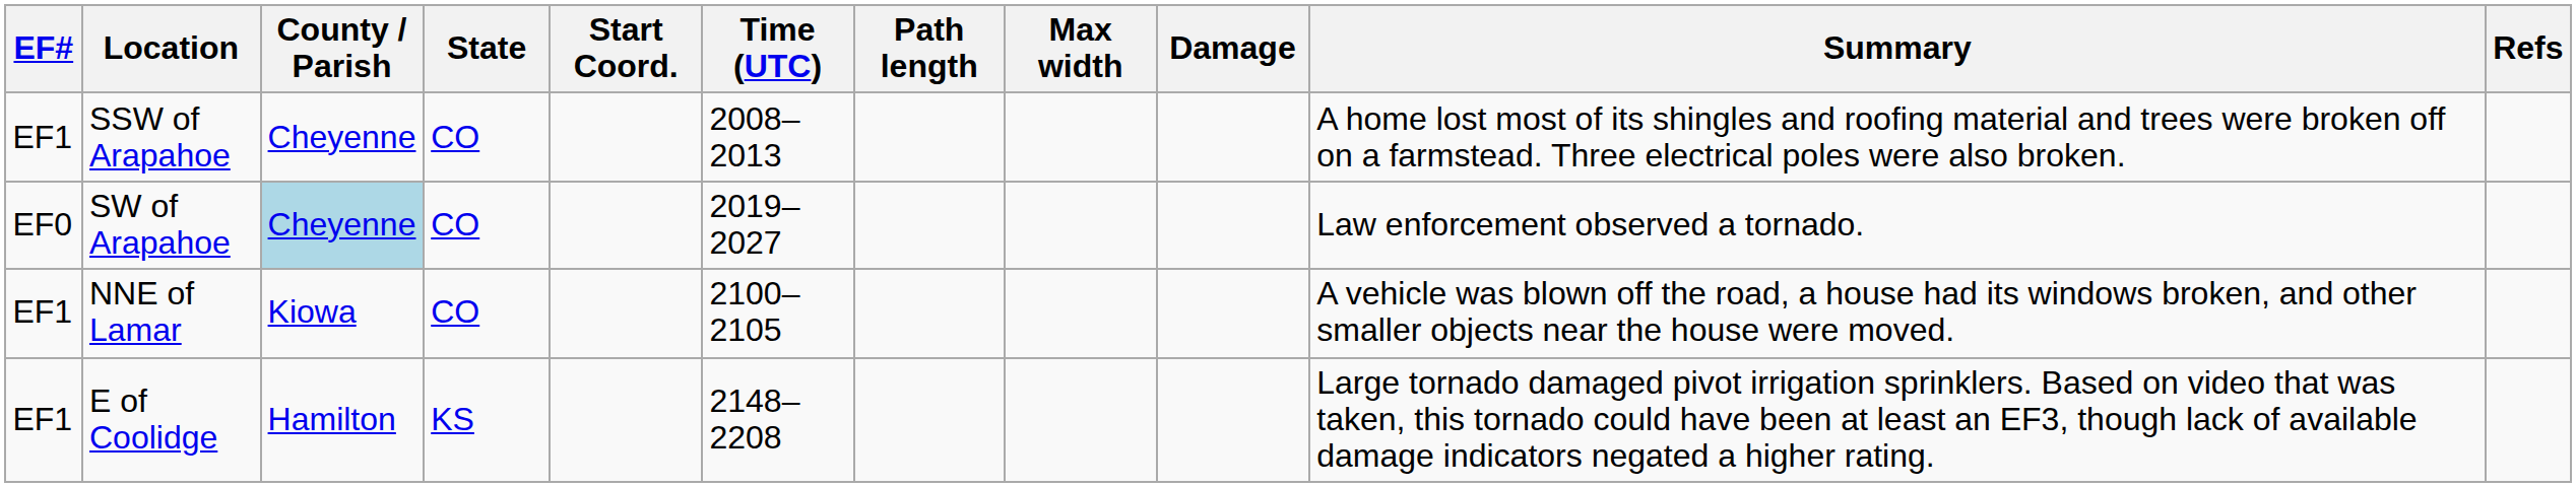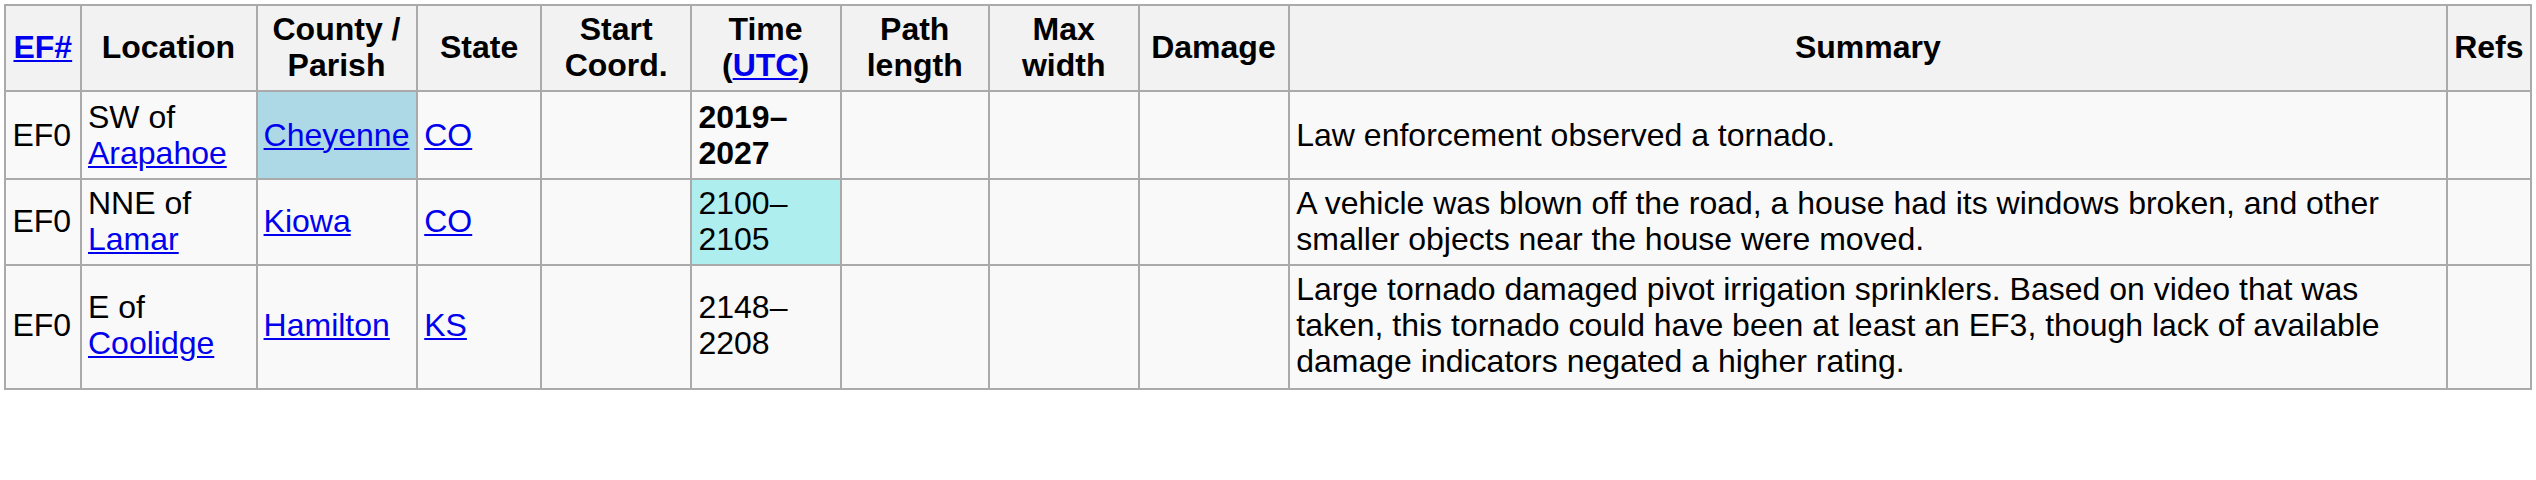 <table class="wikitable sortable" style="width:100%;">
 <tr>
 <th scope="col" width="3%" align="center"><a href='#'>EF#</a></th>
 <th scope="col" width="7%" align="center" class="unsortable">Location</th>
 <th scope="col" width="6%" align="center" class="unsortable">County / Parish</th>
 <th scope="col" width="5%" align="center">State</th>
 <th scope="col" width="6%" align="center">Start Coord.</th>
 <th scope="col" width="6%" align="center">Time (<a href='#'>UTC</a>)</th>
 <th scope="col" width="6%" align="center">Path length</th>
 <th scope="col" width="6%" align="center">Max width</th>
 <th scope="col" width="6%" align="center">Damage</th>
 <th scope="col" width="48%" class="unsortable" align="center">Summary</th>
 <th scope="col" width="48%" class="unsortable" align="center">Refs</th>
 </tr>
 <tr>
-<td>EF1</td>
-<td>SSW of <a href='#'>Arapahoe</a></td>
-<td><a href='#'>Cheyenne</a></td>
-<td><a href='#'>CO</a></td>
-<td></td>
-<td>2008–2013</td>
-<td></td>
-<td></td>
-<td></td>
-<td>A home lost most of its shingles and roofing material and trees were broken off on a farmstead. Three electrical poles were also broken.</td>
-<td></td>
-</tr>
-<tr>
 <td>EF0</td>
 <td>SW of <a href='#'>Arapahoe</a></td>
 <td style="background: lightblue;"><a href='#'>Cheyenne</a></td>
 <td><a href='#'>CO</a></td>
 <td></td>
-<td>2019–2027</td>
+<td><strong>2019–2027</strong></td>
 <td></td>
 <td></td>
 <td></td>
 <td>Law enforcement observed a tornado.</td>
 <td></td>
 </tr>
 <tr>
-<td>EF1</td>
+<td>EF0</td>
 <td>NNE of <a href='#'>Lamar</a></td>
 <td><a href='#'>Kiowa</a></td>
 <td><a href='#'>CO</a></td>
 <td></td>
-<td>2100–2105</td>
+<td style="background: paleturquoise;">2100–2105</td>
 <td></td>
 <td></td>
 <td></td>
 <td>A vehicle was blown off the road, a house had its windows broken, and other smaller objects near the house were moved.</td>
 <td></td>
 </tr>
 <tr>
-<td>EF1</td>
+<td>EF0</td>
 <td>E of <a href='#'>Coolidge</a></td>
 <td><a href='#'>Hamilton</a></td>
 <td><a href='#'>KS</a></td>
 <td></td>
 <td>2148–2208</td>
 <td></td>
 <td></td>
 <td></td>
 <td>Large tornado damaged pivot irrigation sprinklers. Based on video that was taken, this tornado could have been at least an EF3, though lack of available damage indicators negated a higher rating.</td>
 <td></td>
 </tr>
 <tr>
 </tr>
 </table>
